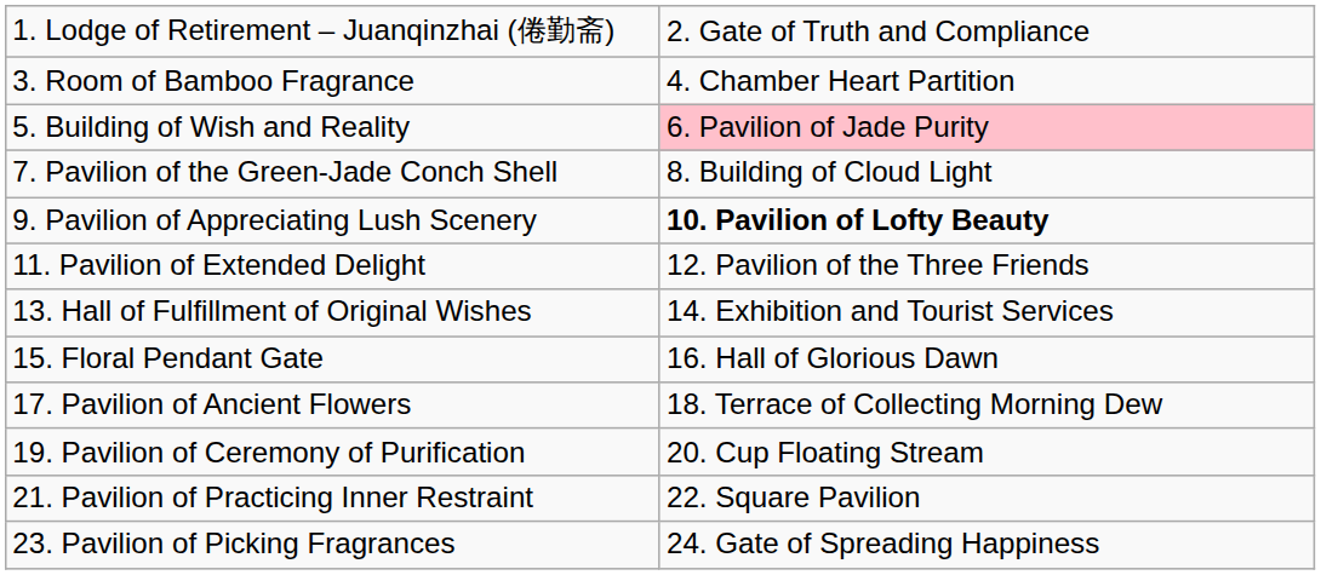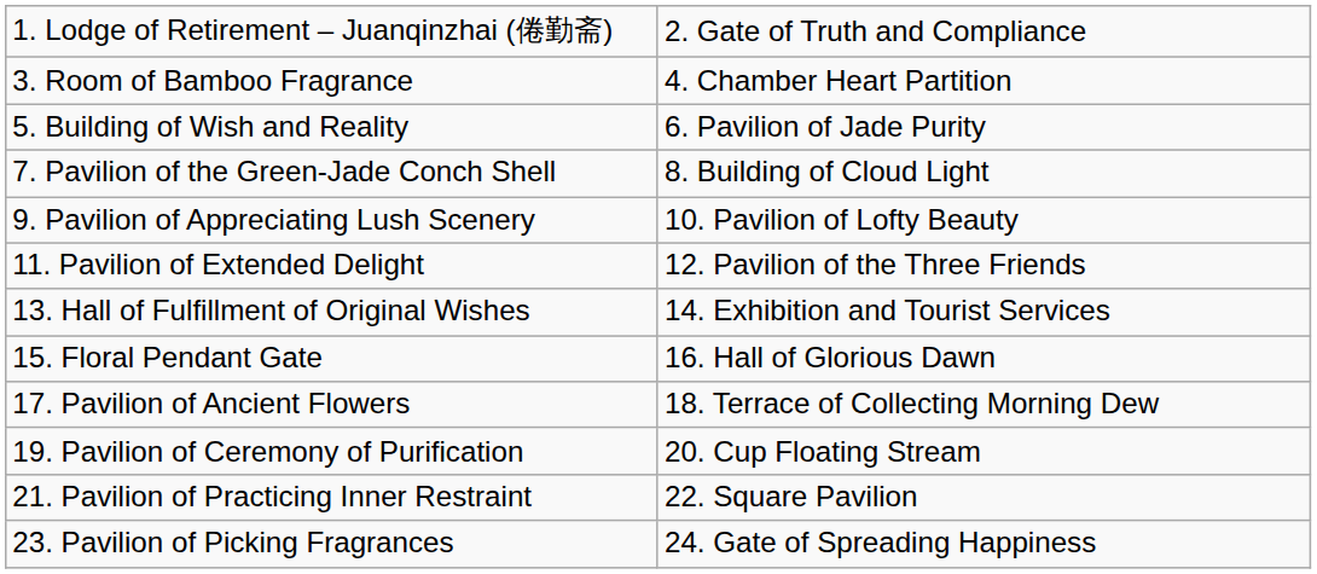 <table class="wikitable">
 <tr>
 <td width="350pt">1. Lodge of Retirement – Juanqinzhai (倦勤斋)</td>
 <td width="350pt">2. Gate of Truth and Compliance</td>
 </tr>
 <tr>
 <td>3. Room of Bamboo Fragrance</td>
 <td>4. Chamber Heart Partition</td>
 </tr>
 <tr>
 <td>5. Building of Wish and Reality</td>
-<td style="background: pink;">6. Pavilion of Jade Purity</td>
+<td>6. Pavilion of Jade Purity</td>
 </tr>
 <tr>
 <td>7. Pavilion of the Green-Jade Conch Shell</td>
 <td>8. Building of Cloud Light</td>
 </tr>
 <tr>
 <td>9. Pavilion of Appreciating Lush Scenery</td>
-<td><strong>10. Pavilion of Lofty Beauty</strong></td>
+<td>10. Pavilion of Lofty Beauty</td>
 </tr>
 <tr>
 <td>11. Pavilion of Extended Delight</td>
 <td>12. Pavilion of the Three Friends</td>
 </tr>
 <tr>
 <td>13. Hall of Fulfillment of Original Wishes</td>
 <td>14. Exhibition and Tourist Services</td>
 </tr>
 <tr>
 <td>15. Floral Pendant Gate</td>
 <td>16. Hall of Glorious Dawn</td>
 </tr>
 <tr>
 <td>17. Pavilion of Ancient Flowers</td>
 <td>18. Terrace of Collecting Morning Dew</td>
 </tr>
 <tr>
 <td>19. Pavilion of Ceremony of Purification</td>
 <td>20. Cup Floating Stream</td>
 </tr>
 <tr>
 <td>21. Pavilion of Practicing Inner Restraint</td>
 <td>22. Square Pavilion</td>
 </tr>
 <tr>
 <td>23. Pavilion of Picking Fragrances</td>
 <td>24. Gate of Spreading Happiness</td>
 </tr>
 </table>
